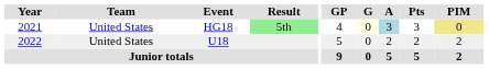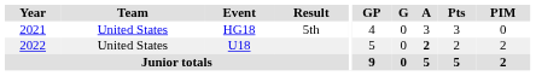 <table border="0" cellpadding="1" cellspacing="0" ID="Table3" style="text-align:center; width:40em">
 <tr bgcolor="#e0e0e0">
 <th>Year</th>
 <th>Team</th>
 <th>Event</th>
 <th>Result</th>
 <th rowspan="99" bgcolor="#ffffff"></th>
 <th>GP</th>
 <th>G</th>
 <th>A</th>
 <th>Pts</th>
 <th>PIM</th>
 </tr>
 <tr>
 <td><a href='#'>2021</a></td>
 <td><a href='#'>United States</a></td>
 <td><a href='#'>HG18</a></td>
-<td style="background: lightgreen;">5th</td>
+<td>5th</td>
 <td>4</td>
-<td style="background: lightyellow;">0</td>
-<td style="background: lightblue;">3</td>
+<td>0</td>
 <td>3</td>
-<td style="background: khaki;">0</td>
+<td>3</td>
+<td>0</td>
 </tr>
 <tr bgcolor="#f0f0f0">
 <td><a href='#'>2022</a></td>
 <td>United States</td>
 <td><a href='#'>U18</a></td>
 <td></td>
 <td>5</td>
 <td>0</td>
-<td>2</td>
+<td><strong>2</strong></td>
 <td>2</td>
 <td>2</td>
 </tr>
 <tr bgcolor="#e0e0e0">
 <th colspan="4">Junior totals</th>
 <th>9</th>
 <th>0</th>
 <th>5</th>
 <th>5</th>
 <th>2</th>
 </tr>
 </table>
